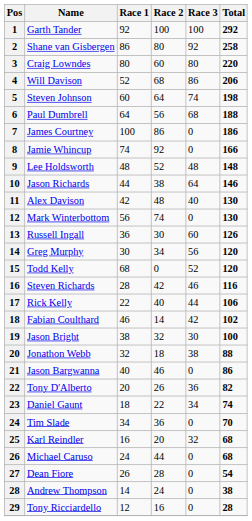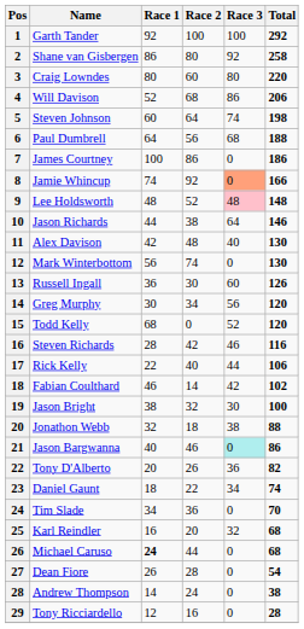 <table class="wikitable" style="font-size: 95%;">
 <tr>
 <th>Pos</th>
 <th>Name</th>
 <th>Race 1</th>
 <th>Race 2</th>
 <th>Race 3</th>
 <th>Total</th>
 </tr>
 <tr>
 <th>1</th>
 <td><a href='#'>Garth Tander</a></td>
 <td>92</td>
 <td>100</td>
 <td>100</td>
 <td><strong>292</strong></td>
 </tr>
 <tr>
 <th>2</th>
 <td><a href='#'>Shane van Gisbergen</a></td>
 <td>86</td>
 <td>80</td>
 <td>92</td>
 <td><strong>258</strong></td>
 </tr>
 <tr>
 <th>3</th>
 <td><a href='#'>Craig Lowndes</a></td>
 <td>80</td>
 <td>60</td>
 <td>80</td>
 <td><strong>220</strong></td>
 </tr>
 <tr>
 <th>4</th>
 <td><a href='#'>Will Davison</a></td>
 <td>52</td>
 <td>68</td>
 <td>86</td>
 <td><strong>206</strong></td>
 </tr>
 <tr>
 <th>5</th>
 <td><a href='#'>Steven Johnson</a></td>
 <td>60</td>
 <td>64</td>
 <td>74</td>
 <td><strong>198</strong></td>
 </tr>
 <tr>
 <th>6</th>
 <td><a href='#'>Paul Dumbrell</a></td>
 <td>64</td>
 <td>56</td>
 <td>68</td>
 <td><strong>188</strong></td>
 </tr>
 <tr>
 <th>7</th>
 <td><a href='#'>James Courtney</a></td>
 <td>100</td>
 <td>86</td>
 <td>0</td>
 <td><strong>186</strong></td>
 </tr>
 <tr>
 <th>8</th>
 <td><a href='#'>Jamie Whincup</a></td>
 <td>74</td>
 <td>92</td>
-<td>0</td>
+<td style="background: lightsalmon;">0</td>
 <td><strong>166</strong></td>
 </tr>
 <tr>
 <th>9</th>
 <td><a href='#'>Lee Holdsworth</a></td>
 <td>48</td>
 <td>52</td>
-<td>48</td>
+<td style="background: pink;">48</td>
 <td><strong>148</strong></td>
 </tr>
 <tr>
 <th>10</th>
 <td><a href='#'>Jason Richards</a></td>
 <td>44</td>
 <td>38</td>
 <td>64</td>
 <td><strong>146</strong></td>
 </tr>
 <tr>
 <th>11</th>
 <td><a href='#'>Alex Davison</a></td>
 <td>42</td>
 <td>48</td>
 <td>40</td>
 <td><strong>130</strong></td>
 </tr>
 <tr>
 <th>12</th>
 <td><a href='#'>Mark Winterbottom</a></td>
 <td>56</td>
 <td>74</td>
 <td>0</td>
 <td><strong>130</strong></td>
 </tr>
 <tr>
 <th>13</th>
 <td><a href='#'>Russell Ingall</a></td>
 <td>36</td>
 <td>30</td>
 <td>60</td>
 <td><strong>126</strong></td>
 </tr>
 <tr>
 <th>14</th>
 <td><a href='#'>Greg Murphy</a></td>
 <td>30</td>
 <td>34</td>
 <td>56</td>
 <td><strong>120</strong></td>
 </tr>
 <tr>
 <th>15</th>
 <td><a href='#'>Todd Kelly</a></td>
 <td>68</td>
 <td>0</td>
 <td>52</td>
 <td><strong>120</strong></td>
 </tr>
 <tr>
 <th>16</th>
 <td><a href='#'>Steven Richards</a></td>
 <td>28</td>
 <td>42</td>
 <td>46</td>
 <td><strong>116</strong></td>
 </tr>
 <tr>
 <th>17</th>
 <td><a href='#'>Rick Kelly</a></td>
 <td>22</td>
 <td>40</td>
 <td>44</td>
 <td><strong>106</strong></td>
 </tr>
 <tr>
 <th>18</th>
 <td><a href='#'>Fabian Coulthard</a></td>
 <td>46</td>
 <td>14</td>
 <td>42</td>
 <td><strong>102</strong></td>
 </tr>
 <tr>
 <th>19</th>
 <td><a href='#'>Jason Bright</a></td>
 <td>38</td>
 <td>32</td>
 <td>30</td>
 <td><strong>100</strong></td>
 </tr>
 <tr>
 <th>20</th>
 <td><a href='#'>Jonathon Webb</a></td>
 <td>32</td>
 <td>18</td>
 <td>38</td>
 <td><strong>88</strong></td>
 </tr>
 <tr>
 <th>21</th>
 <td><a href='#'>Jason Bargwanna</a></td>
 <td>40</td>
 <td>46</td>
-<td>0</td>
+<td style="background: paleturquoise;">0</td>
 <td><strong>86</strong></td>
 </tr>
 <tr>
 <th>22</th>
 <td><a href='#'>Tony D'Alberto</a></td>
 <td>20</td>
 <td>26</td>
 <td>36</td>
 <td><strong>82</strong></td>
 </tr>
 <tr>
 <th>23</th>
 <td><a href='#'>Daniel Gaunt</a></td>
 <td>18</td>
 <td>22</td>
 <td>34</td>
 <td><strong>74</strong></td>
 </tr>
 <tr>
 <th>24</th>
 <td><a href='#'>Tim Slade</a></td>
 <td>34</td>
 <td>36</td>
 <td>0</td>
 <td><strong>70</strong></td>
 </tr>
 <tr>
 <th>25</th>
 <td><a href='#'>Karl Reindler</a></td>
 <td>16</td>
 <td>20</td>
 <td>32</td>
 <td><strong>68</strong></td>
 </tr>
 <tr>
 <th>26</th>
 <td><a href='#'>Michael Caruso</a></td>
-<td>24</td>
+<td><strong>24</strong></td>
 <td>44</td>
 <td>0</td>
 <td><strong>68</strong></td>
 </tr>
 <tr>
 <th>27</th>
 <td><a href='#'>Dean Fiore</a></td>
 <td>26</td>
 <td>28</td>
 <td>0</td>
 <td><strong>54</strong></td>
 </tr>
 <tr>
 <th>28</th>
 <td><a href='#'>Andrew Thompson</a></td>
 <td>14</td>
 <td>24</td>
 <td>0</td>
 <td><strong>38</strong></td>
 </tr>
 <tr>
 <th>29</th>
 <td><a href='#'>Tony Ricciardello</a></td>
 <td>12</td>
 <td>16</td>
 <td>0</td>
 <td><strong>28</strong></td>
 </tr>
 <tr>
 </tr>
 </table>
